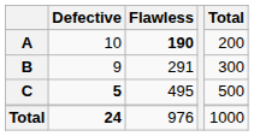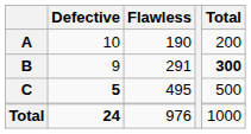 <table class="wikitable floatright">
 <tr>
 <th></th>
 <th style="width:5ex;">Defective</th>
 <th style="width:5ex;">Flawless</th>
 <th rowspan="6"></th>
 <th>Total</th>
 </tr>
 <tr>
 <th>A</th>
 <td style="text-align:right">10</td>
-<td style="text-align:right"><strong>190</strong></td>
+<td style="text-align:right">190</td>
 <td style="text-align:right">200</td>
 </tr>
 <tr>
 <th>B</th>
 <td style="text-align:right">9</td>
 <td style="text-align:right">291</td>
-<td style="text-align:right">300</td>
+<td style="text-align:right"><strong>300</strong></td>
 </tr>
 <tr>
 <th>C</th>
 <td style="text-align:right"><strong>5</strong></td>
 <td style="text-align:right">495</td>
 <td style="text-align:right">500</td>
 </tr>
 <tr>
 <td colspan="5" style="padding:0;"></td>
 </tr>
 <tr>
 <th>Total</th>
 <td style="text-align:right"><strong>24</strong></td>
 <td style="text-align:right">976</td>
 <td style="text-align:right">1000</td>
 </tr>
 </table>
